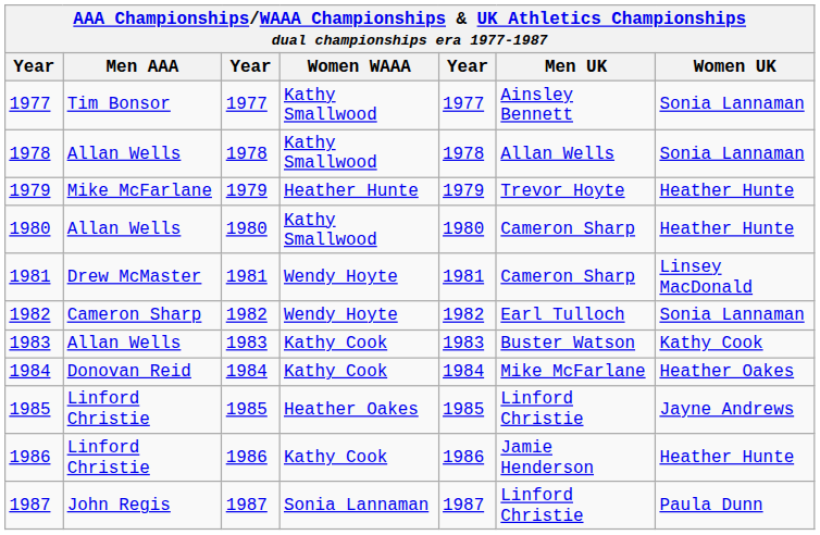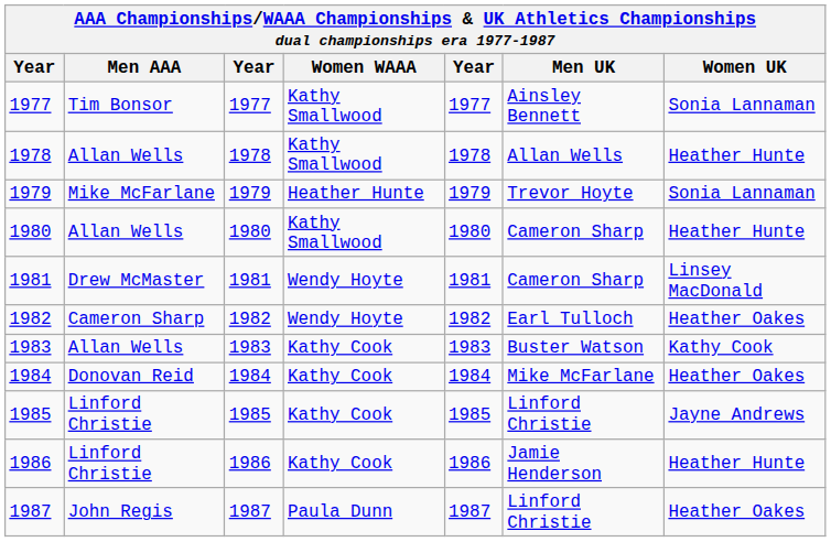 <table class="wikitable">
 <tr>
 <th colspan="7"><a href='#'>AAA Championships</a>/<a href='#'>WAAA Championships</a> & <a href='#'>UK Athletics Championships</a><br><em><small>dual championships era 1977-1987</small></em></th>
 </tr>
 <tr>
 <th width=50>Year</th>
 <th width=200>Men AAA</th>
 <th width=50>Year</th>
 <th width=200>Women WAAA</th>
 <th width=50>Year</th>
 <th width=200>Men UK</th>
 <th width=200>Women UK</th>
 </tr>
 <tr>
 <td><a href='#'>1977</a></td>
 <td><a href='#'>Tim Bonsor</a></td>
 <td><a href='#'>1977</a></td>
 <td><a href='#'>Kathy Smallwood</a></td>
 <td><a href='#'>1977</a></td>
 <td><a href='#'>Ainsley Bennett</a></td>
 <td><a href='#'>Sonia Lannaman</a></td>
 </tr>
 <tr>
 <td><a href='#'>1978</a></td>
 <td><a href='#'>Allan Wells</a></td>
 <td><a href='#'>1978</a></td>
 <td><a href='#'>Kathy Smallwood</a></td>
 <td><a href='#'>1978</a></td>
 <td><a href='#'>Allan Wells</a></td>
-<td><a href='#'>Sonia Lannaman</a></td>
+<td><a href='#'>Heather Hunte</a></td>
 </tr>
 <tr>
 <td><a href='#'>1979</a></td>
 <td><a href='#'>Mike McFarlane</a></td>
 <td><a href='#'>1979</a></td>
 <td><a href='#'>Heather Hunte</a></td>
 <td><a href='#'>1979</a></td>
 <td><a href='#'>Trevor Hoyte</a></td>
-<td><a href='#'>Heather Hunte</a></td>
+<td><a href='#'>Sonia Lannaman</a></td>
 </tr>
 <tr>
 <td><a href='#'>1980</a></td>
 <td><a href='#'>Allan Wells</a></td>
 <td><a href='#'>1980</a></td>
 <td><a href='#'>Kathy Smallwood</a></td>
 <td><a href='#'>1980</a></td>
 <td><a href='#'>Cameron Sharp</a></td>
 <td><a href='#'>Heather Hunte</a></td>
 </tr>
 <tr>
 <td><a href='#'>1981</a></td>
 <td><a href='#'>Drew McMaster</a></td>
 <td><a href='#'>1981</a></td>
 <td><a href='#'>Wendy Hoyte</a></td>
 <td><a href='#'>1981</a></td>
 <td><a href='#'>Cameron Sharp</a></td>
 <td><a href='#'>Linsey MacDonald</a></td>
 </tr>
 <tr>
 <td><a href='#'>1982</a></td>
 <td><a href='#'>Cameron Sharp</a></td>
 <td><a href='#'>1982</a></td>
 <td><a href='#'>Wendy Hoyte</a></td>
 <td><a href='#'>1982</a></td>
 <td><a href='#'>Earl Tulloch</a></td>
-<td><a href='#'>Sonia Lannaman</a></td>
+<td><a href='#'>Heather Oakes</a></td>
 </tr>
 <tr>
 <td><a href='#'>1983</a></td>
 <td><a href='#'>Allan Wells</a></td>
 <td><a href='#'>1983</a></td>
 <td><a href='#'>Kathy Cook</a></td>
 <td><a href='#'>1983</a></td>
 <td><a href='#'>Buster Watson</a></td>
 <td><a href='#'>Kathy Cook</a></td>
 </tr>
 <tr>
 <td><a href='#'>1984</a></td>
 <td><a href='#'>Donovan Reid</a></td>
 <td><a href='#'>1984</a></td>
 <td><a href='#'>Kathy Cook</a></td>
 <td><a href='#'>1984</a></td>
 <td><a href='#'>Mike McFarlane</a></td>
 <td><a href='#'>Heather Oakes</a></td>
 </tr>
 <tr>
 <td><a href='#'>1985</a></td>
 <td><a href='#'>Linford Christie</a></td>
 <td><a href='#'>1985</a></td>
-<td><a href='#'>Heather Oakes</a></td>
+<td><a href='#'>Kathy Cook</a></td>
 <td><a href='#'>1985</a></td>
 <td><a href='#'>Linford Christie</a></td>
 <td><a href='#'>Jayne Andrews</a></td>
 </tr>
 <tr>
 <td><a href='#'>1986</a></td>
 <td><a href='#'>Linford Christie</a></td>
 <td><a href='#'>1986</a></td>
 <td><a href='#'>Kathy Cook</a></td>
 <td><a href='#'>1986</a></td>
 <td><a href='#'>Jamie Henderson</a></td>
 <td><a href='#'>Heather Hunte</a></td>
 </tr>
 <tr>
 <td><a href='#'>1987</a></td>
 <td><a href='#'>John Regis</a></td>
 <td><a href='#'>1987</a></td>
-<td><a href='#'>Sonia Lannaman</a></td>
+<td><a href='#'>Paula Dunn</a></td>
 <td><a href='#'>1987</a></td>
 <td><a href='#'>Linford Christie</a></td>
-<td><a href='#'>Paula Dunn</a></td>
+<td><a href='#'>Heather Oakes</a></td>
 </tr>
 </table>
